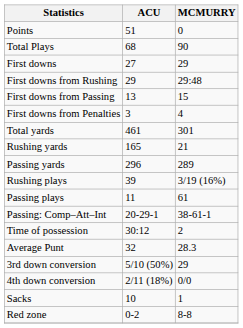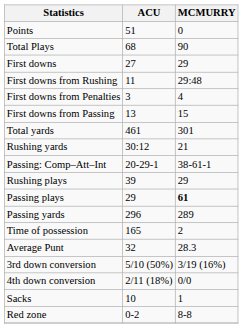 <table class="wikitable" style="float: left;">
 <tr>
 <th>Statistics</th>
 <th>ACU</th>
 <th>MCMURRY</th>
 </tr>
 <tr>
 <td>Points</td>
 <td>51</td>
 <td>0</td>
 </tr>
 <tr>
 <td>Total Plays</td>
 <td>68</td>
 <td>90</td>
 </tr>
 <tr>
 <td>First downs</td>
 <td>27</td>
 <td>29</td>
 </tr>
 <tr>
 <td>First downs from Rushing</td>
-<td>29</td>
+<td>11</td>
 <td>29:48</td>
+</tr>
+<tr>
+<td>First downs from Penalties</td>
+<td>3</td>
+<td>4</td>
 </tr>
 <tr>
 <td>First downs from Passing</td>
 <td>13</td>
 <td>15</td>
-</tr>
-<tr>
-<td>First downs from Penalties</td>
-<td>3</td>
-<td>4</td>
 </tr>
 <tr>
 <td>Total yards</td>
 <td>461</td>
 <td>301</td>
 </tr>
 <tr>
 <td>Rushing yards</td>
-<td>165</td>
+<td>30:12</td>
 <td>21</td>
+</tr>
+<tr>
+<td>Passing: Comp–Att–Int</td>
+<td>20-29-1</td>
+<td>38-61-1</td>
+</tr>
+<tr>
+<td>Rushing plays</td>
+<td>39</td>
+<td>29</td>
+</tr>
+<tr>
+<td>Passing plays</td>
+<td>29</td>
+<td><strong>61</strong></td>
 </tr>
 <tr>
 <td>Passing yards</td>
 <td>296</td>
 <td>289</td>
 </tr>
 <tr>
-<td>Rushing plays</td>
-<td>39</td>
-<td>3/19 (16%)</td>
-</tr>
-<tr>
-<td>Passing plays</td>
-<td>11</td>
-<td>61</td>
-</tr>
-<tr>
-<td>Passing: Comp–Att–Int</td>
-<td>20-29-1</td>
-<td>38-61-1</td>
-</tr>
-<tr>
 <td>Time of possession</td>
-<td>30:12</td>
+<td>165</td>
 <td>2</td>
 </tr>
 <tr>
 <td>Average Punt</td>
 <td>32</td>
 <td>28.3</td>
 </tr>
 <tr>
 <td>3rd down conversion</td>
 <td>5/10 (50%)</td>
-<td>29</td>
+<td>3/19 (16%)</td>
 </tr>
 <tr>
 <td>4th down conversion</td>
 <td>2/11 (18%)</td>
 <td>0/0</td>
 </tr>
 <tr>
 <td>Sacks</td>
 <td>10</td>
 <td>1</td>
 </tr>
 <tr>
 <td>Red zone</td>
 <td>0-2</td>
 <td>8-8</td>
 </tr>
 <tr>
 </tr>
 </table>
